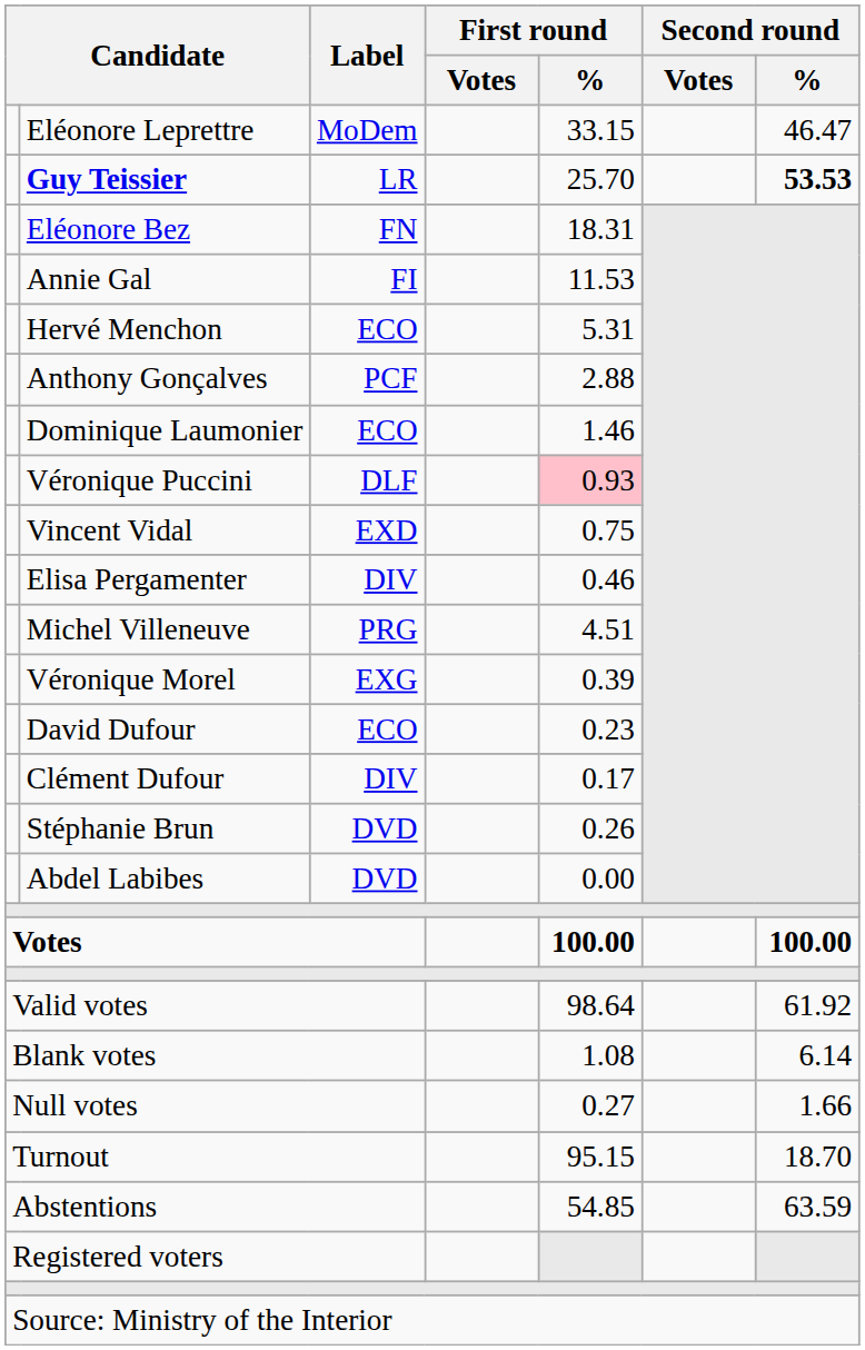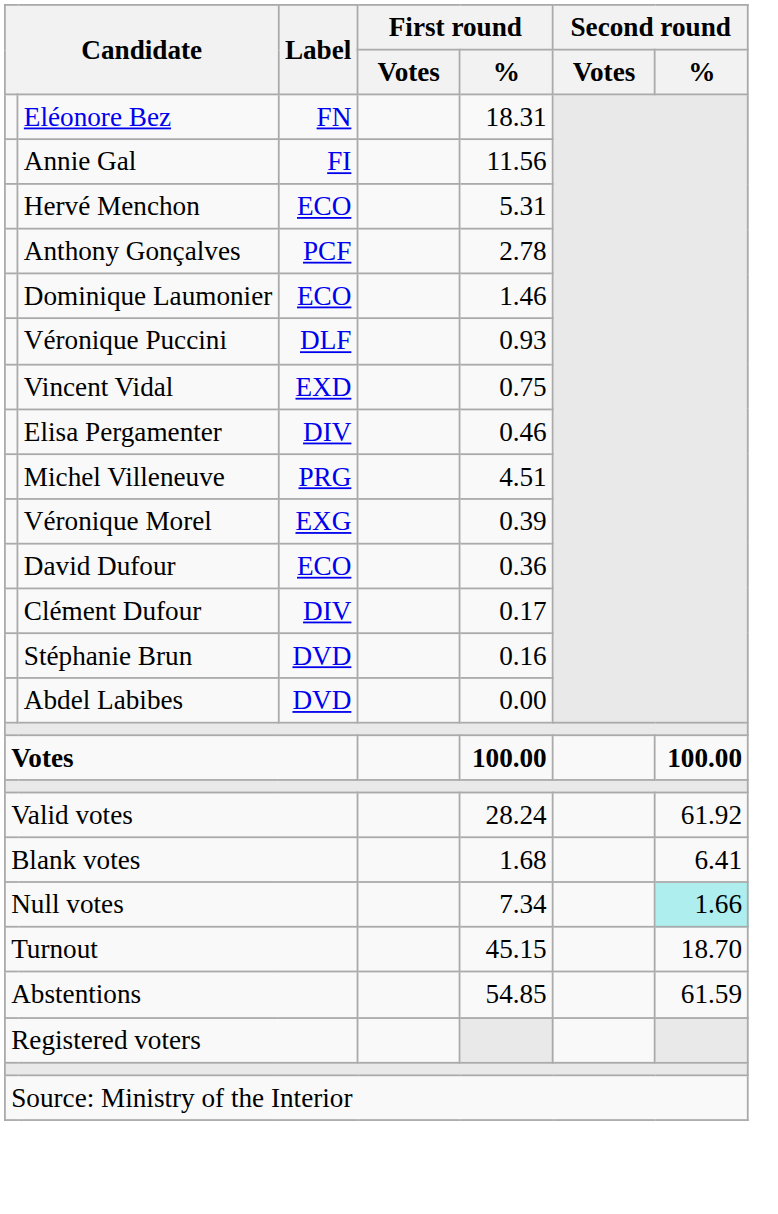 <table class="wikitable" style="text-align:right;font-size:95%;">
 <tr>
 <th rowspan="2" colspan="2">Candidate</th>
 <th rowspan="2">Label</th>
 <th colspan="2">First round</th>
 <th colspan="2">Second round</th>
 </tr>
 <tr>
 <th style="width:50px;">Votes</th>
 <th style="width:45px;">%</th>
 <th style="width:50px;">Votes</th>
 <th style="width:45px;">%</th>
 </tr>
 <tr>
 <td style="color:inherit;background:"></td>
-<td style="text-align:left;">Eléonore Leprettre</td>
-<td><a href='#'>MoDem</a></td>
-<td></td>
-<td>33.15</td>
-<td></td>
-<td>46.47</td>
-</tr>
-<tr>
-<td style="color:inherit;background:"></td>
-<td style="text-align:left;"><strong><a href='#'>Guy Teissier</a></strong></td>
-<td><a href='#'>LR</a></td>
-<td></td>
-<td>25.70</td>
-<td><strong></strong></td>
-<td><strong>53.53</strong></td>
-</tr>
-<tr>
-<td style="color:inherit;background:"></td>
 <td style="text-align:left;"><a href='#'>Eléonore Bez</a></td>
 <td><a href='#'>FN</a></td>
 <td></td>
 <td>18.31</td>
 <td colspan="2" rowspan="14" style="background:#E9E9E9;"></td>
 </tr>
 <tr>
 <td style="color:inherit;background:"></td>
 <td style="text-align:left;">Annie Gal</td>
 <td><a href='#'>FI</a></td>
 <td></td>
-<td>11.53</td>
+<td>11.56</td>
 </tr>
 <tr>
 <td style="color:inherit;background:"></td>
 <td style="text-align:left;">Hervé Menchon</td>
 <td><a href='#'>ECO</a></td>
 <td></td>
 <td>5.31</td>
 </tr>
 <tr>
 <td style="color:inherit;background:"></td>
 <td style="text-align:left;">Anthony Gonçalves</td>
 <td><a href='#'>PCF</a></td>
 <td></td>
-<td>2.88</td>
+<td>2.78</td>
 </tr>
 <tr>
 <td style="color:inherit;background:"></td>
 <td style="text-align:left;">Dominique Laumonier</td>
 <td><a href='#'>ECO</a></td>
 <td></td>
 <td>1.46</td>
 </tr>
 <tr>
 <td style="color:inherit;background:"></td>
 <td style="text-align:left;">Véronique Puccini</td>
 <td><a href='#'>DLF</a></td>
 <td></td>
-<td style="background: pink;">0.93</td>
+<td>0.93</td>
 </tr>
 <tr>
 <td style="color:inherit;background:"></td>
 <td style="text-align:left;">Vincent Vidal</td>
 <td><a href='#'>EXD</a></td>
 <td></td>
 <td>0.75</td>
 </tr>
 <tr>
 <td style="color:inherit;background:"></td>
 <td style="text-align:left;">Elisa Pergamenter</td>
 <td><a href='#'>DIV</a></td>
 <td></td>
 <td>0.46</td>
 </tr>
 <tr>
 <td style="color:inherit;background:"></td>
 <td style="text-align:left;">Michel Villeneuve</td>
 <td><a href='#'>PRG</a></td>
 <td></td>
 <td>4.51</td>
 </tr>
 <tr>
 <td style="color:inherit;background:"></td>
 <td style="text-align:left;">Véronique Morel</td>
 <td><a href='#'>EXG</a></td>
 <td></td>
 <td>0.39</td>
 </tr>
 <tr>
 <td style="color:inherit;background:"></td>
 <td style="text-align:left;">David Dufour</td>
 <td><a href='#'>ECO</a></td>
 <td></td>
-<td>0.23</td>
+<td>0.36</td>
 </tr>
 <tr>
 <td style="color:inherit;background:"></td>
 <td style="text-align:left;">Clément Dufour</td>
 <td><a href='#'>DIV</a></td>
 <td></td>
 <td>0.17</td>
 </tr>
 <tr>
 <td style="color:inherit;background:"></td>
 <td style="text-align:left;">Stéphanie Brun</td>
 <td><a href='#'>DVD</a></td>
 <td></td>
-<td>0.26</td>
+<td>0.16</td>
 </tr>
 <tr>
 <td style="color:inherit;background:"></td>
 <td style="text-align:left;">Abdel Labibes</td>
 <td><a href='#'>DVD</a></td>
 <td></td>
 <td>0.00</td>
 </tr>
 <tr>
 <td colspan="7" style="background:#E9E9E9;"></td>
 </tr>
 <tr style="font-weight:bold;">
 <td colspan="3" style="text-align:left;">Votes</td>
 <td></td>
 <td>100.00</td>
 <td></td>
 <td>100.00</td>
 </tr>
 <tr>
 <td colspan="7" style="background:#E9E9E9;"></td>
 </tr>
 <tr>
 <td colspan="3" style="text-align:left;">Valid votes</td>
 <td></td>
-<td>98.64</td>
+<td>28.24</td>
 <td></td>
 <td>61.92</td>
 </tr>
 <tr>
 <td colspan="3" style="text-align:left;">Blank votes</td>
 <td></td>
-<td>1.08</td>
+<td>1.68</td>
 <td></td>
-<td>6.14</td>
+<td>6.41</td>
 </tr>
 <tr>
 <td colspan="3" style="text-align:left;">Null votes</td>
 <td></td>
-<td>0.27</td>
+<td>7.34</td>
 <td></td>
-<td>1.66</td>
+<td style="background: paleturquoise;">1.66</td>
 </tr>
 <tr>
 <td colspan="3" style="text-align:left;">Turnout</td>
 <td></td>
-<td>95.15</td>
+<td>45.15</td>
 <td></td>
 <td>18.70</td>
 </tr>
 <tr>
 <td colspan="3" style="text-align:left;">Abstentions</td>
 <td></td>
 <td>54.85</td>
 <td></td>
-<td>63.59</td>
+<td>61.59</td>
 </tr>
 <tr>
 <td colspan="3" style="text-align:left;">Registered voters</td>
 <td></td>
 <td style="background:#E9E9E9;"></td>
 <td></td>
 <td style="background:#E9E9E9;"></td>
 </tr>
 <tr>
 <td colspan="7" style="background:#E9E9E9;"></td>
 </tr>
 <tr>
 <td colspan="7" style="text-align:left;">Source: Ministry of the Interior</td>
 </tr>
 </table>
